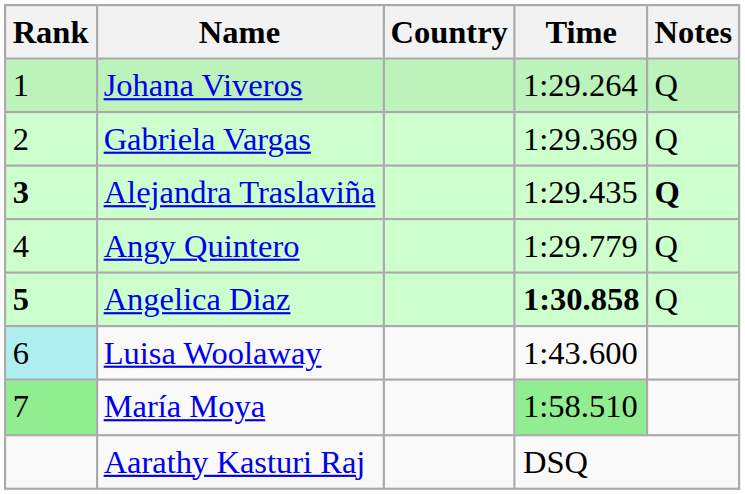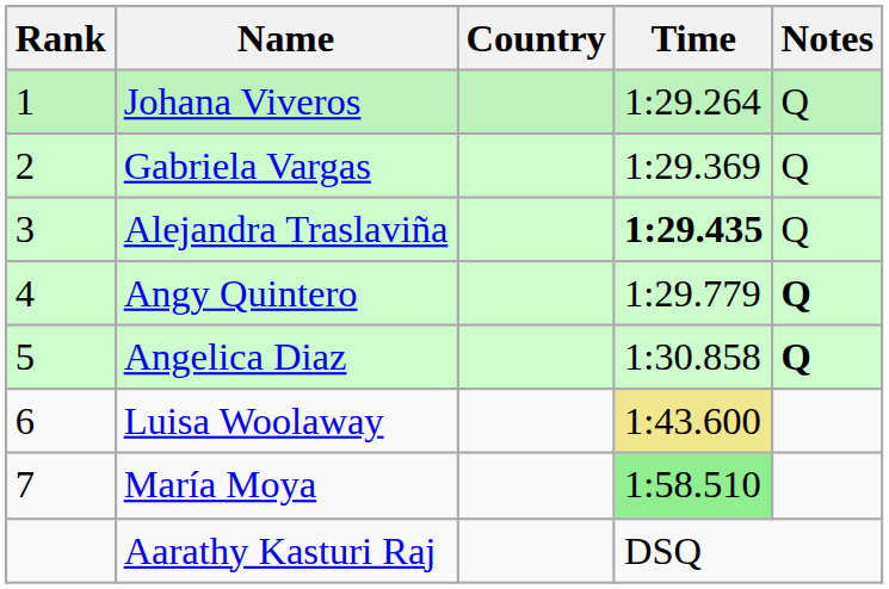 <table class="wikitable" style="font-size:95%" style="text-align:center; width:35em;">
 <tr>
 <th>Rank</th>
 <th>Name</th>
 <th>Country</th>
 <th>Time</th>
 <th>Notes</th>
 </tr>
 <tr bgcolor=bbf3bb>
 <td>1</td>
 <td align=left><a href='#'>Johana Viveros</a></td>
 <td align=left></td>
 <td>1:29.264</td>
 <td>Q</td>
 </tr>
 <tr bgcolor=ccffcc>
 <td>2</td>
 <td align=left><a href='#'>Gabriela Vargas</a></td>
 <td align=left></td>
 <td>1:29.369</td>
 <td>Q</td>
 </tr>
 <tr bgcolor=ccffcc>
-<td><strong>3</strong></td>
+<td>3</td>
 <td align=left><a href='#'>Alejandra Traslaviña</a></td>
 <td align=left></td>
-<td>1:29.435</td>
-<td><strong>Q</strong></td>
+<td><strong>1:29.435</strong></td>
+<td>Q</td>
 </tr>
 <tr bgcolor=ccffcc>
 <td>4</td>
 <td align=left><a href='#'>Angy Quintero</a></td>
 <td align=left></td>
 <td>1:29.779</td>
-<td>Q</td>
+<td><strong>Q</strong></td>
 </tr>
 <tr bgcolor=ccffcc>
-<td><strong>5</strong></td>
+<td>5</td>
 <td align=left><a href='#'>Angelica Diaz</a></td>
 <td align=left></td>
-<td><strong>1:30.858</strong></td>
-<td>Q</td>
+<td>1:30.858</td>
+<td><strong>Q</strong></td>
 </tr>
 <tr>
-<td style="background: paleturquoise;">6</td>
+<td>6</td>
 <td align=left><a href='#'>Luisa Woolaway</a></td>
 <td align=left></td>
-<td>1:43.600</td>
+<td style="background: khaki;">1:43.600</td>
 <td></td>
 </tr>
 <tr>
-<td style="background: lightgreen;">7</td>
+<td>7</td>
 <td align=left><a href='#'>María Moya</a></td>
 <td align=left></td>
 <td style="background: lightgreen;">1:58.510</td>
 <td></td>
 </tr>
 <tr>
 <td></td>
 <td align=left><a href='#'>Aarathy Kasturi Raj</a></td>
 <td align=left></td>
 <td colspan=2>DSQ</td>
 </tr>
 </table>
